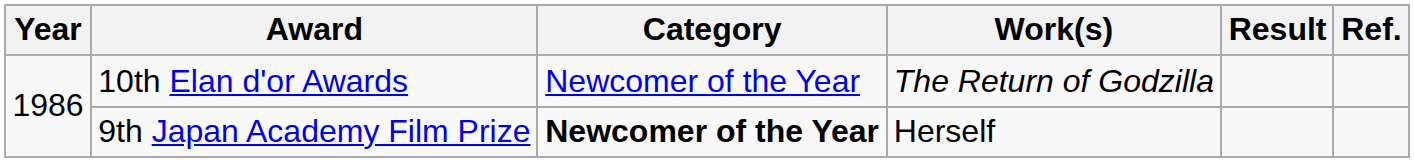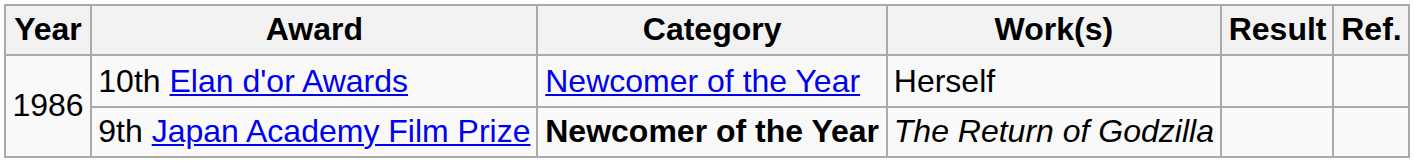 <table class="wikitable">
 <tr>
 <th>Year</th>
 <th>Award</th>
 <th>Category</th>
 <th>Work(s)</th>
 <th>Result</th>
 <th>Ref.</th>
 </tr>
 <tr>
 <td rowspan=2>1986</td>
 <td>10th <a href='#'>Elan d'or Awards</a></td>
 <td><a href='#'>Newcomer of the Year</a></td>
-<td><em>The Return of Godzilla</em></td>
+<td>Herself</td>
 <td></td>
 <td></td>
 </tr>
 <tr>
 <td>9th <a href='#'>Japan Academy Film Prize</a></td>
 <td><strong>Newcomer of the Year</strong></td>
-<td>Herself</td>
+<td><em>The Return of Godzilla</em></td>
 <td></td>
 <td></td>
 </tr>
 <tr>
 </tr>
 </table>
